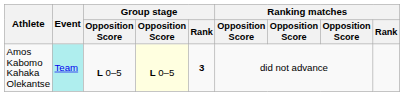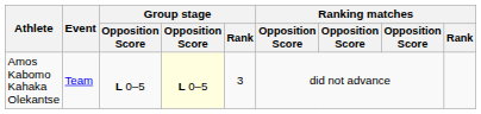 <table class="wikitable" style="font-size:90%">
 <tr>
 <th rowspan=2>Athlete</th>
 <th rowspan=2>Event</th>
 <th colspan=3>Group stage</th>
 <th colspan=4>Ranking matches</th>
 </tr>
 <tr style="font-size:95%">
 <th>Opposition<br>Score</th>
 <th>Opposition<br>Score</th>
 <th>Rank</th>
 <th>Opposition<br>Score</th>
 <th>Opposition<br>Score</th>
 <th>Opposition<br>Score</th>
 <th>Rank</th>
 </tr>
 <tr align=center>
 <td align=left>Amos<br>Kabomo<br>Kahaka<br>Olekantse</td>
-<td align=left style="background: paleturquoise;"><a href='#'>Team</a></td>
+<td align=left><a href='#'>Team</a></td>
 <td><br><strong>L</strong> 0–5</td>
 <td style="background: lightyellow;"><br><strong>L</strong> 0–5</td>
-<td><strong>3</strong></td>
+<td>3</td>
 <td colspan=3>did not advance</td>
 <td></td>
 </tr>
 </table>
